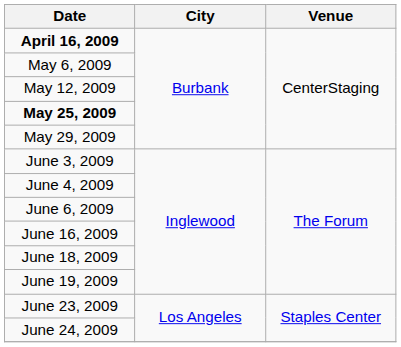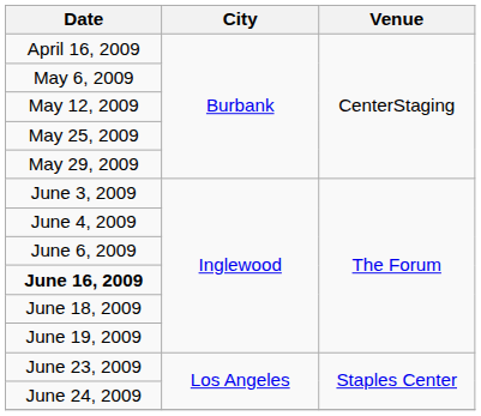 <table class="wikitable" style="text-align:center;">
 <tr>
 <th style="width:130px;">Date</th>
 <th style="width:130px;">City</th>
 <th style="width:130px;">Venue</th>
 </tr>
 <tr>
-<td><strong>April 16, 2009</strong></td>
+<td>April 16, 2009</td>
 <td rowspan="5"><a href='#'>Burbank</a></td>
 <td rowspan="5">CenterStaging</td>
 </tr>
 <tr>
 <td>May 6, 2009</td>
 </tr>
 <tr>
 <td>May 12, 2009</td>
 </tr>
 <tr>
-<td><strong>May 25, 2009</strong></td>
+<td>May 25, 2009</td>
 </tr>
 <tr>
 <td>May 29, 2009</td>
 </tr>
 <tr>
 <td>June 3, 2009</td>
 <td rowspan="6"><a href='#'>Inglewood</a></td>
 <td rowspan="6"><a href='#'>The Forum</a></td>
 </tr>
 <tr>
 <td>June 4, 2009</td>
 </tr>
 <tr>
 <td>June 6, 2009</td>
 </tr>
 <tr>
-<td>June 16, 2009</td>
+<td><strong>June 16, 2009</strong></td>
 </tr>
 <tr>
 <td>June 18, 2009</td>
 </tr>
 <tr>
 <td>June 19, 2009</td>
 </tr>
 <tr>
 <td>June 23, 2009</td>
 <td rowspan="2"><a href='#'>Los Angeles</a></td>
 <td rowspan="2"><a href='#'>Staples Center</a></td>
 </tr>
 <tr>
 <td>June 24, 2009</td>
 </tr>
 <tr>
 </tr>
 </table>
